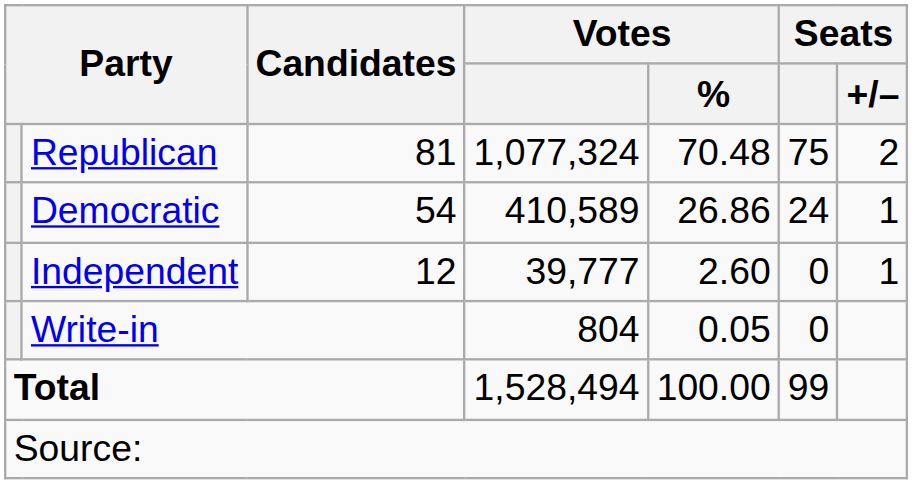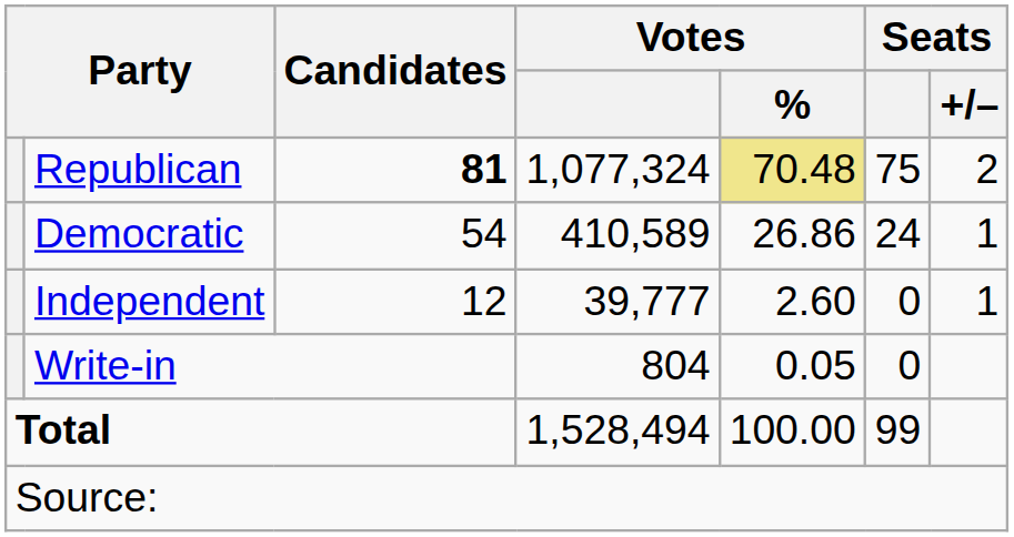 <table class="wikitable">
 <tr>
 <th colspan="2" rowspan="2">Party</th>
 <th rowspan="2">Candidates</th>
 <th colspan="2">Votes</th>
 <th colspan="4">Seats</th>
 </tr>
 <tr>
 <th></th>
 <th>%</th>
 <th></th>
 <th>+/–</th>
 </tr>
 <tr>
 <th style="background-color:"></th>
 <td><a href='#'>Republican</a></td>
-<td align="right">81</td>
+<td align="right"><strong>81</strong></td>
 <td align="right">1,077,324</td>
-<td align="right">70.48</td>
+<td align="right" style="background: khaki;">70.48</td>
 <td align="right">75</td>
 <td align="right"> 2</td>
 </tr>
 <tr>
 <th style="background-color:"></th>
 <td><a href='#'>Democratic</a></td>
 <td align="right">54</td>
 <td align="right">410,589</td>
 <td align="right">26.86</td>
 <td align="right">24</td>
 <td align="right"> 1</td>
 </tr>
 <tr>
 <th style="background-color:"></th>
 <td><a href='#'>Independent</a></td>
 <td align="right">12</td>
 <td align="right">39,777</td>
 <td align="right">2.60</td>
 <td align="right">0</td>
 <td align="right"> 1</td>
 </tr>
 <tr>
 <th style="background-color:"></th>
 <td colspan="2" align="left"><a href='#'>Write-in</a></td>
 <td align="right">804</td>
 <td align="right">0.05</td>
 <td align="right">0</td>
 <td align="right"></td>
 </tr>
 <tr>
 <td colspan="3" align="left"><strong>Total</strong></td>
 <td align="right">1,528,494</td>
 <td align="right">100.00</td>
 <td align="right">99</td>
 <td align="right"></td>
 </tr>
 <tr>
 <td colspan="10">Source: </td>
 </tr>
 </table>
